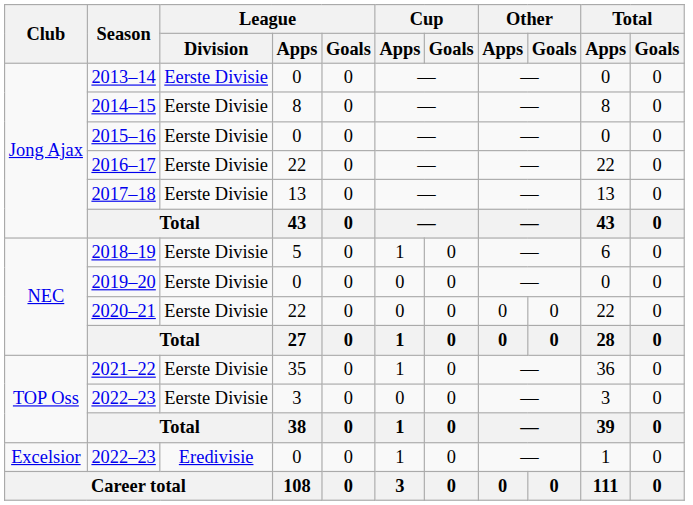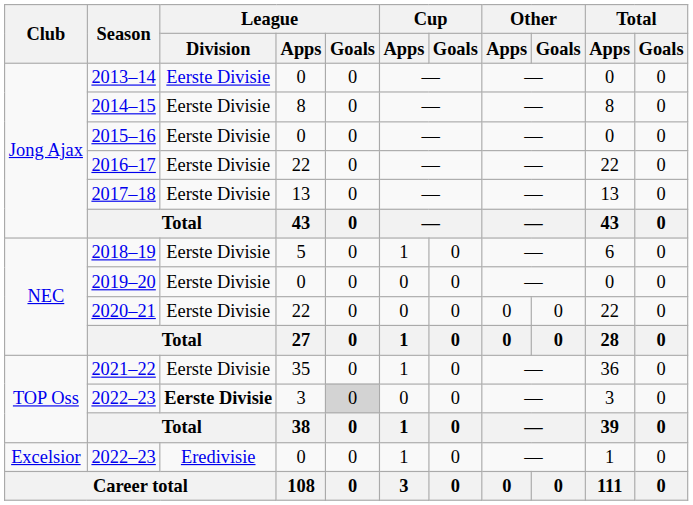 <table class="wikitable" style="text-align:center">
 <tr>
 <th rowspan="2">Club</th>
 <th rowspan="2">Season</th>
 <th colspan="3">League</th>
 <th colspan="2">Cup</th>
 <th colspan="2">Other</th>
 <th colspan="2">Total</th>
 </tr>
 <tr>
 <th>Division</th>
 <th>Apps</th>
 <th>Goals</th>
 <th>Apps</th>
 <th>Goals</th>
 <th>Apps</th>
 <th>Goals</th>
 <th>Apps</th>
 <th>Goals</th>
 </tr>
 <tr>
 <td rowspan="6"><a href='#'>Jong Ajax</a></td>
 <td><a href='#'>2013–14</a></td>
 <td><a href='#'>Eerste Divisie</a></td>
 <td>0</td>
 <td>0</td>
 <td colspan="2">—</td>
 <td colspan="2">—</td>
 <td>0</td>
 <td>0</td>
 </tr>
 <tr>
 <td><a href='#'>2014–15</a></td>
 <td>Eerste Divisie</td>
 <td>8</td>
 <td>0</td>
 <td colspan="2">—</td>
 <td colspan="2">—</td>
 <td>8</td>
 <td>0</td>
 </tr>
 <tr>
 <td><a href='#'>2015–16</a></td>
 <td>Eerste Divisie</td>
 <td>0</td>
 <td>0</td>
 <td colspan="2">—</td>
 <td colspan="2">—</td>
 <td>0</td>
 <td>0</td>
 </tr>
 <tr>
 <td><a href='#'>2016–17</a></td>
 <td>Eerste Divisie</td>
 <td>22</td>
 <td>0</td>
 <td colspan="2">—</td>
 <td colspan="2">—</td>
 <td>22</td>
 <td>0</td>
 </tr>
 <tr>
 <td><a href='#'>2017–18</a></td>
 <td>Eerste Divisie</td>
 <td>13</td>
 <td>0</td>
 <td colspan="2">—</td>
 <td colspan="2">—</td>
 <td>13</td>
 <td>0</td>
 </tr>
 <tr>
 <th colspan="2">Total</th>
 <th>43</th>
 <th>0</th>
 <th colspan="2">—</th>
 <th colspan="2">—</th>
 <th>43</th>
 <th>0</th>
 </tr>
 <tr>
 <td rowspan="4"><a href='#'>NEC</a></td>
 <td><a href='#'>2018–19</a></td>
 <td>Eerste Divisie</td>
 <td>5</td>
 <td>0</td>
 <td>1</td>
 <td>0</td>
 <td colspan="2">—</td>
 <td>6</td>
 <td>0</td>
 </tr>
 <tr>
 <td><a href='#'>2019–20</a></td>
 <td>Eerste Divisie</td>
 <td>0</td>
 <td>0</td>
 <td>0</td>
 <td>0</td>
 <td colspan="2">—</td>
 <td>0</td>
 <td>0</td>
 </tr>
 <tr>
 <td><a href='#'>2020–21</a></td>
 <td>Eerste Divisie</td>
 <td>22</td>
 <td>0</td>
 <td>0</td>
 <td>0</td>
 <td>0</td>
 <td>0</td>
 <td>22</td>
 <td>0</td>
 </tr>
 <tr>
 <th colspan="2">Total</th>
 <th>27</th>
 <th>0</th>
 <th>1</th>
 <th>0</th>
 <th>0</th>
 <th>0</th>
 <th>28</th>
 <th>0</th>
 </tr>
 <tr>
 <td rowspan="3"><a href='#'>TOP Oss</a></td>
 <td><a href='#'>2021–22</a></td>
 <td>Eerste Divisie</td>
 <td>35</td>
 <td>0</td>
 <td>1</td>
 <td>0</td>
 <td colspan="2">—</td>
 <td>36</td>
 <td>0</td>
 </tr>
 <tr>
 <td><a href='#'>2022–23</a></td>
-<td>Eerste Divisie</td>
+<td><strong>Eerste Divisie</strong></td>
 <td>3</td>
-<td>0</td>
+<td style="background: lightgrey;">0</td>
 <td>0</td>
 <td>0</td>
 <td colspan="2">—</td>
 <td>3</td>
 <td>0</td>
 </tr>
 <tr>
 <th colspan="2">Total</th>
 <th>38</th>
 <th>0</th>
 <th>1</th>
 <th>0</th>
 <th colspan="2">—</th>
 <th>39</th>
 <th>0</th>
 </tr>
 <tr>
 <td><a href='#'>Excelsior</a></td>
 <td><a href='#'>2022–23</a></td>
 <td><a href='#'>Eredivisie</a></td>
 <td>0</td>
 <td>0</td>
 <td>1</td>
 <td>0</td>
 <td colspan="2">—</td>
 <td>1</td>
 <td>0</td>
 </tr>
 <tr>
 <th colspan="3">Career total</th>
 <th>108</th>
 <th>0</th>
 <th>3</th>
 <th>0</th>
 <th>0</th>
 <th>0</th>
 <th>111</th>
 <th>0</th>
 </tr>
 </table>
